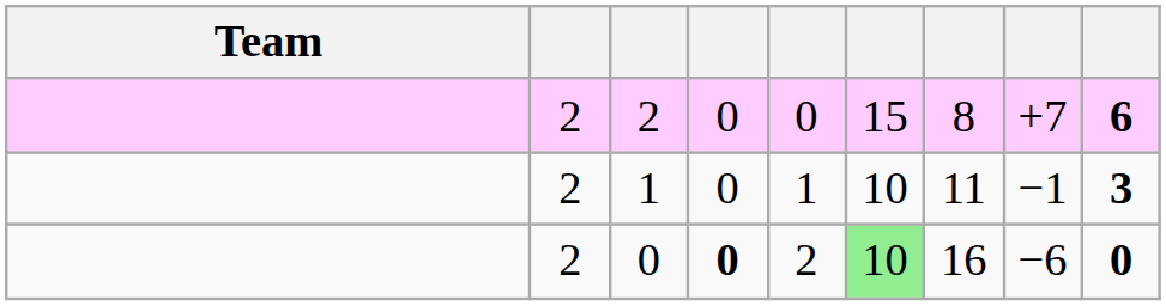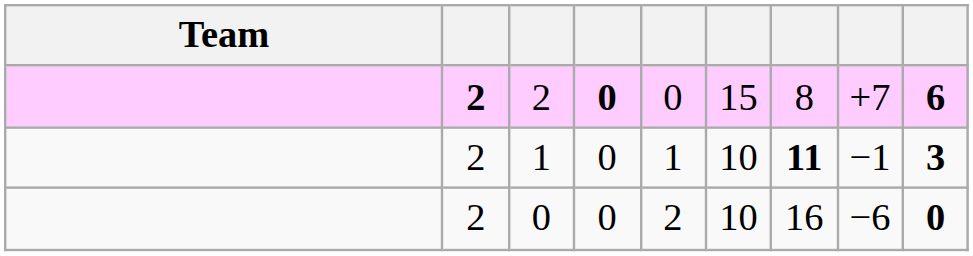 <table class="wikitable" style="text-align: center;">
 <tr>
 <th width="175">Team</th>
 <th width="20"></th>
 <th width="20"></th>
 <th width="20"></th>
 <th width="20"></th>
 <th width="20"></th>
 <th width="20"></th>
 <th width="20"></th>
 <th width="20"></th>
 </tr>
 <tr bgcolor="#ffccff">
 <td align=left></td>
+<td><strong>2</strong></td>
 <td>2</td>
-<td>2</td>
-<td>0</td>
+<td><strong>0</strong></td>
 <td>0</td>
 <td>15</td>
 <td>8</td>
 <td>+7</td>
 <td><strong>6</strong></td>
 </tr>
 <tr>
 <td align=left></td>
 <td>2</td>
 <td>1</td>
 <td>0</td>
 <td>1</td>
 <td>10</td>
-<td>11</td>
+<td><strong>11</strong></td>
 <td>−1</td>
 <td><strong>3</strong></td>
 </tr>
 <tr>
 <td align=left></td>
 <td>2</td>
 <td>0</td>
-<td><strong>0</strong></td>
+<td>0</td>
 <td>2</td>
-<td style="background: lightgreen;">10</td>
+<td>10</td>
 <td>16</td>
 <td>−6</td>
 <td><strong>0</strong></td>
 </tr>
 </table>
